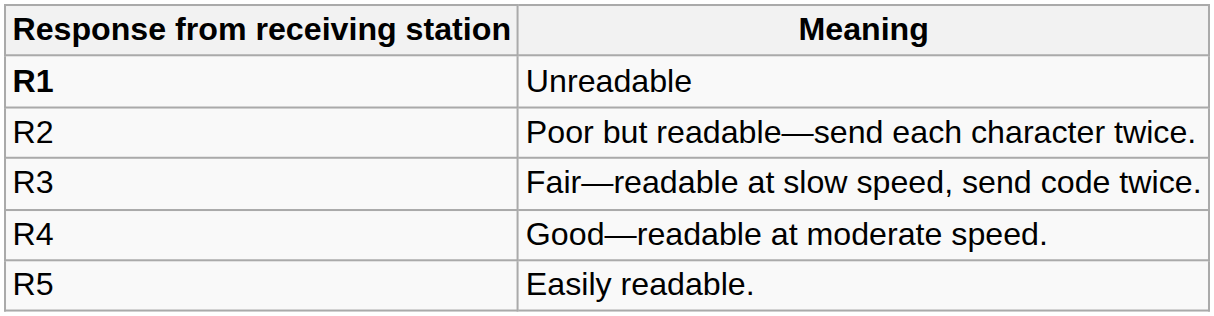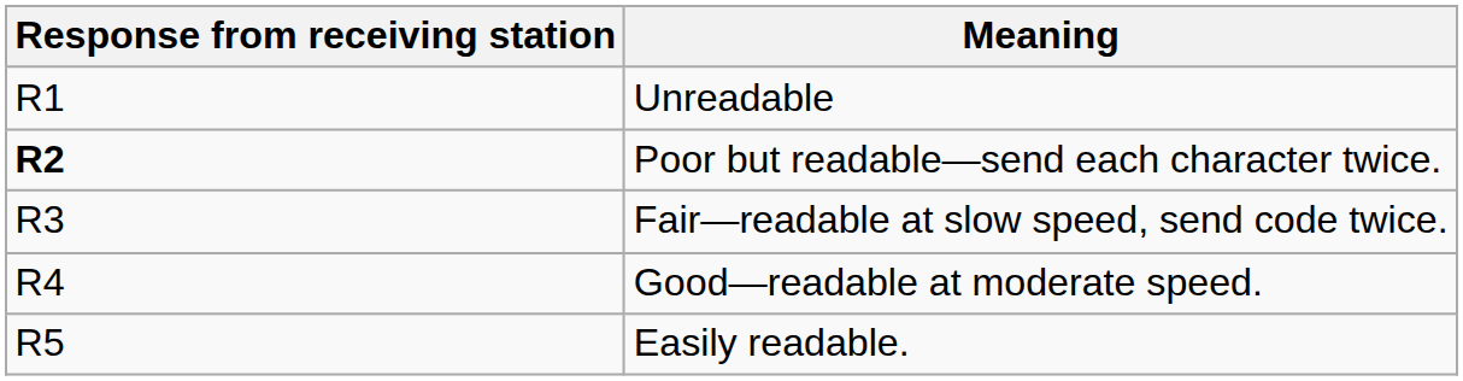 <table class="wikitable">
 <tr>
 <th>Response from receiving station</th>
 <th>Meaning</th>
 </tr>
 <tr>
-<td><strong>R1</strong></td>
+<td>R1</td>
 <td>Unreadable</td>
 </tr>
 <tr>
-<td>R2</td>
+<td><strong>R2</strong></td>
 <td>Poor but readable—send each character twice.</td>
 </tr>
 <tr>
 <td>R3</td>
 <td>Fair—readable at slow speed, send code twice.</td>
 </tr>
 <tr>
 <td>R4</td>
 <td>Good—readable at moderate speed.</td>
 </tr>
 <tr>
 <td>R5</td>
 <td>Easily readable.</td>
 </tr>
 </table>
